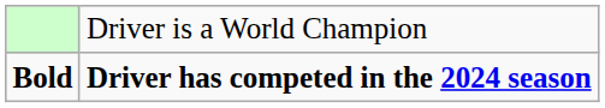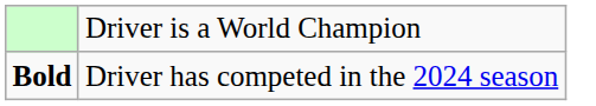 <table class="wikitable">
 <tr>
 <td style="background:#cfc;"></td>
 <td>Driver is a World Champion</td>
 </tr>
 <tr>
 <td><strong>Bold</strong></td>
-<td><strong>Driver has competed in the <a href='#'>2024 season</a></strong></td>
+<td>Driver has competed in the <a href='#'>2024 season</a></td>
 </tr>
 </table>
